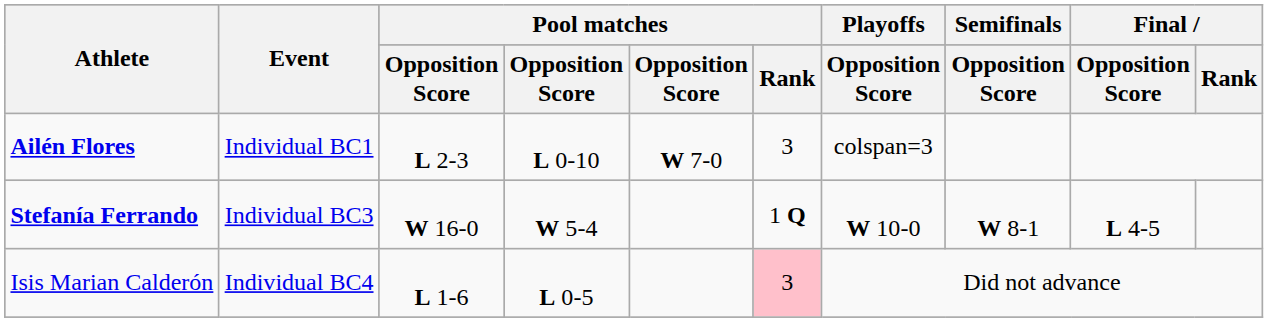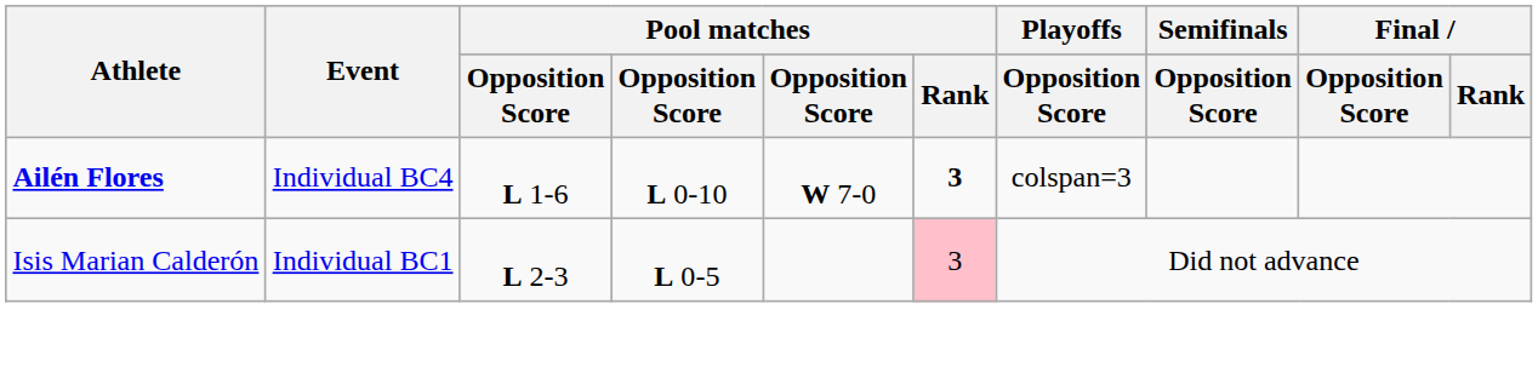 <table class=wikitable style="font-size:90%">
 <tr>
 <th rowspan="2">Athlete</th>
 <th rowspan="2">Event</th>
 <th colspan="4">Pool matches</th>
 <th>Playoffs</th>
 <th>Semifinals</th>
 <th colspan=2>Final / </th>
 </tr>
 <tr>
 <th>Opposition<br>Score</th>
 <th>Opposition<br>Score</th>
 <th>Opposition<br>Score</th>
 <th>Rank</th>
 <th>Opposition<br>Score</th>
 <th>Opposition<br>Score</th>
 <th>Opposition<br>Score</th>
 <th>Rank</th>
 </tr>
 <tr align=center>
 <td align=left><strong><a href='#'>Ailén Flores</a></strong></td>
-<td align=left><a href='#'>Individual BC1</a></td>
-<td><br><strong>L</strong> 2-3</td>
+<td align=left><a href='#'>Individual BC4</a></td>
+<td><br><strong>L</strong> 1-6</td>
 <td><br><strong>L</strong> 0-10</td>
 <td><br><strong>W</strong> 7-0</td>
-<td>3</td>
+<td><strong>3</strong></td>
 <td>colspan=3 </td>
 <td></td>
 </tr>
 <tr align=center>
-<td align=left><strong><a href='#'>Stefanía Ferrando</a></strong></td>
-<td align=left><a href='#'>Individual BC3</a></td>
-<td><br><strong>W</strong> 16-0</td>
-<td><br><strong>W</strong> 5-4</td>
-<td></td>
-<td>1 <strong>Q</strong></td>
-<td><br><strong>W</strong> 10-0</td>
-<td><br><strong>W</strong> 8-1</td>
-<td><br><strong>L</strong> 4-5</td>
-<td></td>
-</tr>
-<tr align=center>
 <td align=left><a href='#'>Isis Marian Calderón</a></td>
-<td align=left><a href='#'>Individual BC4</a></td>
-<td><br><strong>L</strong> 1-6</td>
+<td align=left><a href='#'>Individual BC1</a></td>
+<td><br><strong>L</strong> 2-3</td>
 <td><br><strong>L</strong> 0-5</td>
 <td></td>
 <td style="background: pink;">3</td>
 <td colspan=4>Did not advance</td>
 </tr>
 </table>
